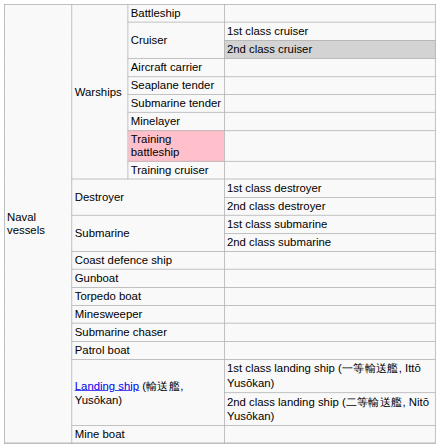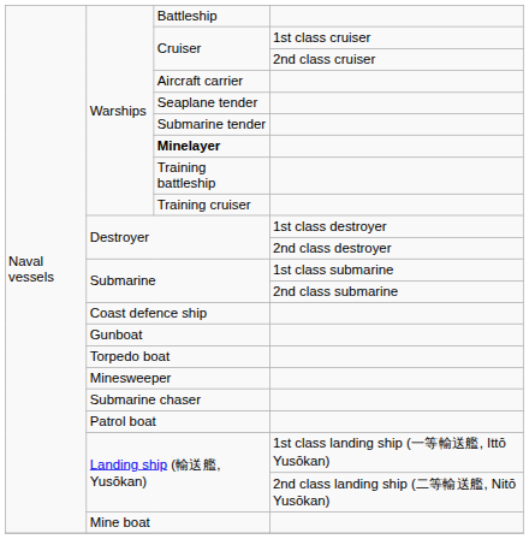 <table class="wikitable">
 <tr>
 <td rowspan="22">Naval vessels</td>
 <td rowspan="9">Warships</td>
 <td>Battleship</td>
 <td></td>
 </tr>
 <tr>
 <td rowspan="2">Cruiser</td>
 <td>1st class cruiser</td>
 </tr>
 <tr>
-<td style="background: lightgrey;">2nd class cruiser</td>
+<td>2nd class cruiser</td>
 </tr>
 <tr>
 <td>Aircraft carrier</td>
 <td></td>
 </tr>
 <tr>
 <td>Seaplane tender</td>
 <td></td>
 </tr>
 <tr>
 <td>Submarine tender</td>
 <td></td>
 </tr>
 <tr>
-<td>Minelayer</td>
+<td><strong>Minelayer</strong></td>
 <td></td>
 </tr>
 <tr>
-<td style="background: pink;">Training battleship</td>
+<td>Training battleship</td>
 <td></td>
 </tr>
 <tr>
 <td>Training cruiser</td>
 <td></td>
 </tr>
 <tr>
 <td colspan="2" rowspan="2">Destroyer</td>
 <td>1st class destroyer</td>
 </tr>
 <tr>
 <td>2nd class destroyer</td>
 </tr>
 <tr>
 <td rowspan="2" colspan="2">Submarine</td>
 <td>1st class submarine</td>
 </tr>
 <tr>
 <td>2nd class submarine</td>
 </tr>
 <tr>
 <td colspan="2">Coast defence ship</td>
 <td></td>
 </tr>
 <tr>
 <td colspan="2">Gunboat</td>
 <td></td>
 </tr>
 <tr>
 <td colspan="2">Torpedo boat</td>
 <td></td>
 </tr>
 <tr>
 <td colspan="2">Minesweeper</td>
 <td></td>
 </tr>
 <tr>
 <td colspan="2">Submarine chaser</td>
 <td></td>
 </tr>
 <tr>
 <td colspan="2">Patrol boat</td>
 <td></td>
 </tr>
 <tr>
 <td rowspan="2" colspan="2"><a href='#'>Landing ship</a> (輸送艦, Yusōkan)</td>
 <td>1st class landing ship (一等輸送艦, Ittō Yusōkan)</td>
 </tr>
 <tr>
 <td>2nd class landing ship (二等輸送艦, Nitō Yusōkan)</td>
 </tr>
 <tr>
 <td colspan="2">Mine boat</td>
 <td></td>
 </tr>
 <tr>
 </tr>
 </table>
